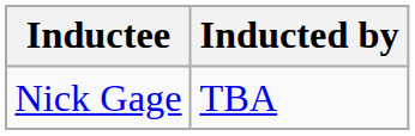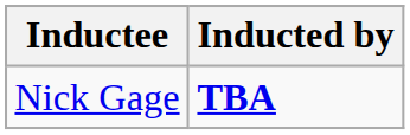 <table class="wikitable">
 <tr>
 <th>Inductee</th>
 <th>Inducted by</th>
 </tr>
 <tr>
 <td><a href='#'>Nick Gage</a></td>
-<td><a href='#'>TBA</a></td>
+<td><strong><a href='#'>TBA</a></strong></td>
 </tr>
 </table>
